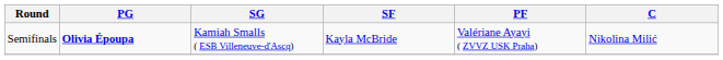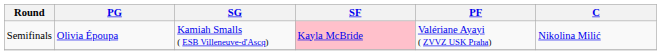 <table class="wikitable sortable" style="text-align: center;">
 <tr>
 <th>Round</th>
 <th style="width:175px;"><a href='#'>PG</a></th>
 <th style="width:175px;"><a href='#'>SG</a></th>
 <th style="width:175px;"><a href='#'>SF</a></th>
 <th style="width:175px;"><a href='#'>PF</a></th>
 <th style="width:175px;"><a href='#'>C</a></th>
 </tr>
 <tr>
 <td>Semifinals</td>
-<td style="text-align:left;"><strong> <a href='#'>Olivia Époupa</a><br><small></small></strong></td>
+<td style="text-align:left;"> <a href='#'>Olivia Époupa</a><br><small></small></td>
 <td style="text-align:left;"> <a href='#'>Kamiah Smalls</a><br><small>(  <a href='#'>ESB Villeneuve-d'Ascq</a>)</small></td>
-<td style="text-align:left;"> <a href='#'>Kayla McBride</a><br><small></small></td>
+<td style="background: pink; text-align:left;"> <a href='#'>Kayla McBride</a><br><small></small></td>
 <td style="text-align:left;"> <a href='#'>Valériane Ayayi</a><br><small>( <a href='#'>ZVVZ USK Praha</a>)</small></td>
 <td style="text-align:left;"> <a href='#'>Nikolina Milić</a><br><small></small></td>
 </tr>
 <tr>
 </tr>
 </table>
